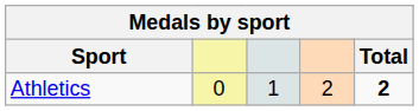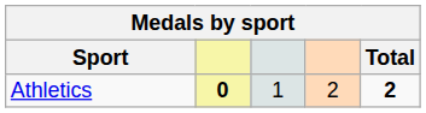 <table class="wikitable" style="font-size:90%; text-align:center;">
 <tr>
 <th colspan="5">Medals by sport</th>
 </tr>
 <tr>
 <th width="120">Sport</th>
 <th scope="col" width="30" style="background:#F7F6A8;"></th>
 <th scope="col" width="30" style="background:#DCE5E5;"></th>
 <th scope="col" width="30" style="background:#FFDAB9;"></th>
 <th width="30">Total</th>
 </tr>
 <tr>
 <td align="left"><a href='#'>Athletics</a></td>
-<td style="background:#F7F6A8;">0</td>
+<td style="background:#F7F6A8;"><strong>0</strong></td>
 <td style="background:#DCE5E5;">1</td>
 <td style="background:#FFDAB9;">2</td>
 <td><strong>2</strong></td>
 </tr>
 </table>
